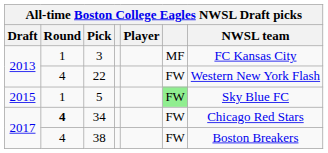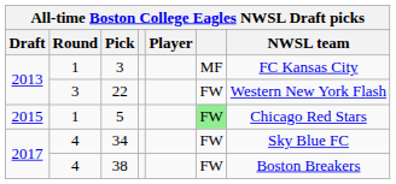 <table class="wikitable sortable" style="text-align: center;">
 <tr>
 <th colspan="7" style="background:#">All-time <a href='#'><span>Boston College Eagles</span></a> NWSL Draft picks</th>
 </tr>
 <tr>
 <th scope="col">Draft</th>
 <th scope="col">Round</th>
 <th scope="col">Pick</th>
 <th scope="col"></th>
 <th scope="col">Player</th>
 <th scope="col"></th>
 <th scope="col">NWSL team</th>
 </tr>
 <tr>
 <td rowspan="2"><a href='#'>2013</a></td>
 <td>1</td>
 <td>3</td>
 <td></td>
 <td></td>
 <td>MF</td>
 <td><a href='#'>FC Kansas City</a></td>
 </tr>
 <tr>
-<td>4</td>
+<td>3</td>
 <td>22</td>
 <td></td>
 <td></td>
 <td>FW</td>
 <td><a href='#'>Western New York Flash</a></td>
 </tr>
 <tr>
 <td><a href='#'>2015</a></td>
 <td>1</td>
 <td>5</td>
 <td></td>
 <td></td>
 <td style="background: lightgreen;">FW</td>
-<td><a href='#'>Sky Blue FC</a></td>
+<td><a href='#'>Chicago Red Stars</a></td>
 </tr>
 <tr>
 <td rowspan="2"><a href='#'>2017</a></td>
-<td><strong>4</strong></td>
+<td>4</td>
 <td>34</td>
 <td></td>
 <td></td>
 <td>FW</td>
-<td><a href='#'>Chicago Red Stars</a></td>
+<td><a href='#'>Sky Blue FC</a></td>
 </tr>
 <tr>
 <td>4</td>
 <td>38</td>
 <td></td>
 <td></td>
 <td>FW</td>
 <td><a href='#'>Boston Breakers</a></td>
 </tr>
 </table>
